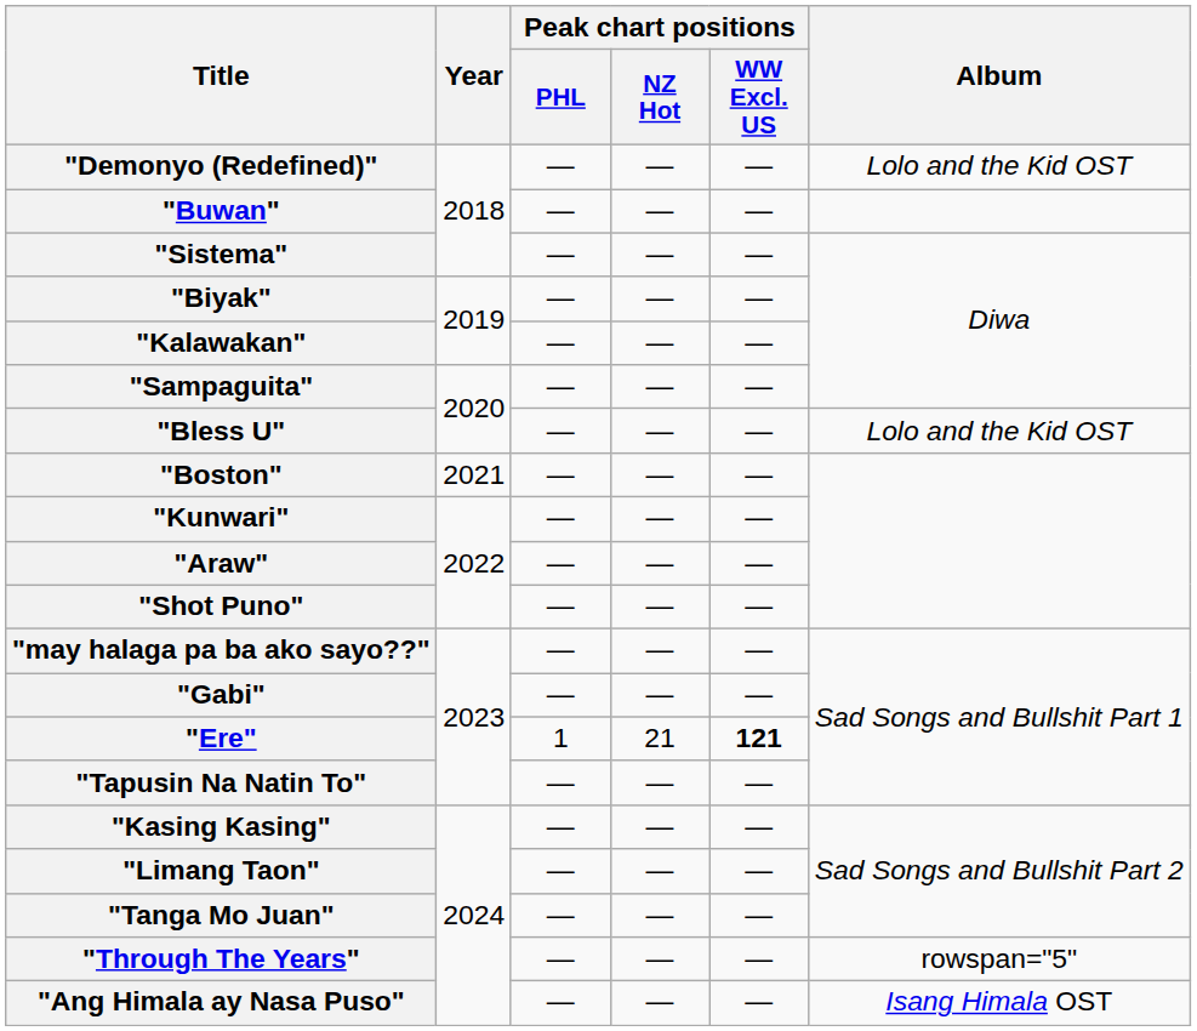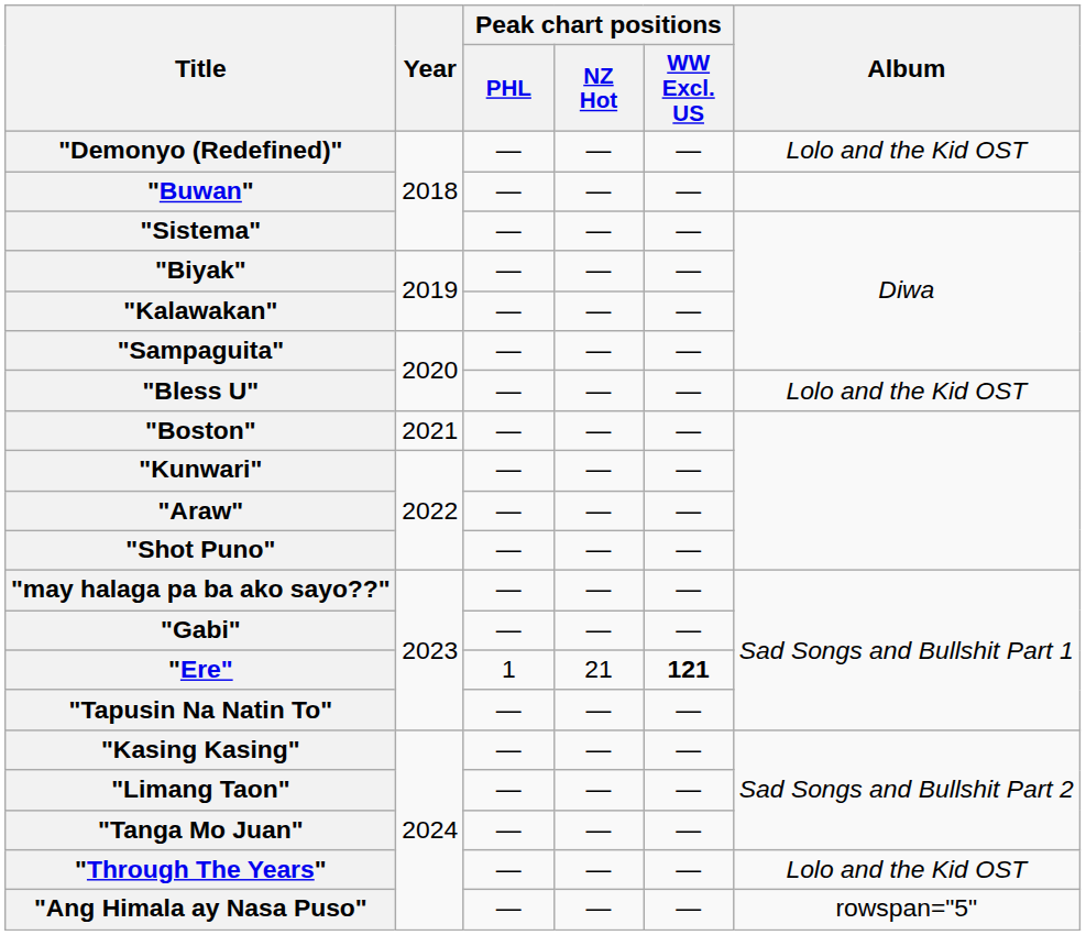 <table class="wikitable plainrowheaders" style="text-align:center;">
 <tr>
 <th scope="col" rowspan="2">Title</th>
 <th scope="col" rowspan="2">Year</th>
 <th scope="col" colspan="3">Peak chart positions</th>
 <th scope="col" rowspan="2">Album</th>
 </tr>
 <tr>
 <th scope="col" style="font-size:90%; width:3.5em"><a href='#'>PHL</a><br></th>
 <th scope="col" style="font-size:90%; width:3.5em"><a href='#'>NZ<br>Hot</a><br></th>
 <th scope="col" style="font-size:90%; width:3.5em"><a href='#'>WW<br>Excl. US</a><br></th>
 </tr>
 <tr>
 <th scope="row">"Demonyo (Redefined)"</th>
 <td rowspan="3">2018</td>
 <td>—</td>
 <td>—</td>
 <td>—</td>
 <td rowspan="1"><em>Lolo and the Kid OST</em></td>
 </tr>
 <tr>
 <th scope="row">"<a href='#'>Buwan</a>"</th>
 <td>—</td>
 <td>—</td>
 <td>—</td>
 </tr>
 <tr>
 <th scope="row">"Sistema"</th>
 <td>—</td>
 <td>—</td>
 <td>—</td>
 <td rowspan="4"><em>Diwa</em></td>
 </tr>
 <tr>
 <th scope="row">"Biyak"</th>
 <td rowspan="2">2019</td>
 <td>—</td>
 <td>—</td>
 <td>—</td>
 </tr>
 <tr>
 <th scope="row">"Kalawakan"</th>
 <td>—</td>
 <td>—</td>
 <td>—</td>
 </tr>
 <tr>
 <th scope="row">"Sampaguita"<br></th>
 <td rowspan="2">2020</td>
 <td>—</td>
 <td>—</td>
 <td>—</td>
 </tr>
 <tr>
 <th scope="row">"Bless U"</th>
 <td>—</td>
 <td>—</td>
 <td>—</td>
 <td rowspan="1"><em>Lolo and the Kid OST</em></td>
 </tr>
 <tr>
 <th scope="row">"Boston"</th>
 <td>2021</td>
 <td>—</td>
 <td>—</td>
 <td>—</td>
 </tr>
 <tr>
 <th scope="row">"Kunwari"</th>
 <td rowspan="3">2022</td>
 <td>—</td>
 <td>—</td>
 <td>—</td>
 </tr>
 <tr>
 <th scope="row">"Araw"</th>
 <td>—</td>
 <td>—</td>
 <td>—</td>
 </tr>
 <tr>
 <th scope="row">"Shot Puno"</th>
 <td>—</td>
 <td>—</td>
 <td>—</td>
 </tr>
 <tr>
 <th scope="row">"may halaga pa ba ako sayo??"</th>
 <td rowspan="4">2023</td>
 <td>—</td>
 <td>—</td>
 <td>—</td>
 <td rowspan="4"><em>Sad Songs and Bullshit Part 1</em></td>
 </tr>
 <tr>
 <th scope="row">"Gabi"<br></th>
 <td>—</td>
 <td>—</td>
 <td>—</td>
 </tr>
 <tr>
 <th scope="row">"<a href='#'>Ere"</a></th>
 <td>1</td>
 <td>21</td>
 <td><strong>121</strong></td>
 </tr>
 <tr>
 <th scope="row">"Tapusin Na Natin To"<br></th>
 <td>—</td>
 <td>—</td>
 <td>—</td>
 </tr>
 <tr>
 <th scope="row">"Kasing Kasing"<br></th>
 <td rowspan="5">2024</td>
 <td>—</td>
 <td>—</td>
 <td>—</td>
 <td rowspan="3"><em>Sad Songs and Bullshit Part 2</em></td>
 </tr>
 <tr>
 <th scope="row">"Limang Taon"</th>
 <td>—</td>
 <td>—</td>
 <td>—</td>
 </tr>
 <tr>
 <th scope="row">"Tanga Mo Juan"</th>
 <td>—</td>
 <td>—</td>
 <td>—</td>
 </tr>
 <tr>
 <th scope="row">"<a href='#'>Through The Years</a>"</th>
 <td>—</td>
 <td>—</td>
 <td>—</td>
-<td>rowspan="5" </td>
+<td rowspan="1"><em>Lolo and the Kid OST</em></td>
 </tr>
 <tr>
 <th scope="row">"Ang Himala ay Nasa Puso"</th>
 <td>—</td>
 <td>—</td>
 <td>—</td>
-<td rowspan="1"><em><a href='#'>Isang Himala</a></em> OST</td>
+<td>rowspan="5" </td>
 </tr>
 </table>
